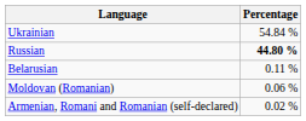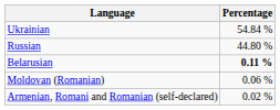 <table class="wikitable">
 <tr>
 <th>Language</th>
 <th>Percentage</th>
 </tr>
 <tr>
 <td><a href='#'>Ukrainian</a></td>
 <td align="right">54.84 %</td>
 </tr>
 <tr>
 <td><a href='#'>Russian</a></td>
-<td align="right"><strong>44.80 %</strong></td>
+<td align="right">44.80 %</td>
 </tr>
 <tr>
 <td><a href='#'>Belarusian</a></td>
-<td align="right">0.11 %</td>
+<td align="right"><strong>0.11 %</strong></td>
 </tr>
 <tr>
 <td><a href='#'>Moldovan</a> (<a href='#'>Romanian</a>)</td>
 <td align="right">0.06 %</td>
 </tr>
 <tr>
 <td><a href='#'>Armenian</a>, <a href='#'>Romani</a> and <a href='#'>Romanian</a> (self-declared)</td>
 <td align="right">0.02 %</td>
 </tr>
 </table>
